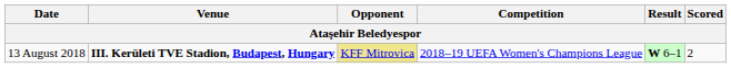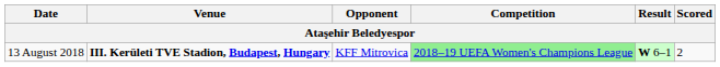 <table class=wikitable>
 <tr>
 <th>Date</th>
 <th>Venue</th>
 <th>Opponent</th>
 <th>Competition</th>
 <th>Result</th>
 <th>Scored</th>
 </tr>
 <tr>
 <th colspan=6>Ataşehir Beledyespor</th>
 </tr>
 <tr>
 <td>13 August 2018</td>
 <td><strong>III. Kerületi TVE  Stadion, <a href='#'>Budapest</a>, <a href='#'>Hungary</a></strong></td>
-<td style="background: khaki;"> <a href='#'>KFF Mitrovica</a></td>
-<td><a href='#'>2018–19 UEFA Women's Champions League</a></td>
+<td> <a href='#'>KFF Mitrovica</a></td>
+<td style="background: lightgreen;"><a href='#'>2018–19 UEFA Women's Champions League</a></td>
 <td bgcolor=ccffcc><strong>W</strong> 6–1</td>
 <td>2</td>
 </tr>
 </table>
